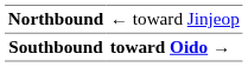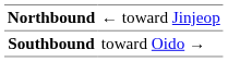 <table border="1" cellspacing="0" cellpadding="3" frame="hsides" rules="rows">
 <tr>
 <th><span>Northbound</span></th>
 <td>←  toward <a href='#'>Jinjeop</a></td>
 </tr>
 <tr>
 <th><span>Southbound</span></th>
-<td><strong>  toward <a href='#'>Oido</a> →</strong></td>
+<td>  toward <a href='#'>Oido</a> →</td>
 </tr>
 </table>
